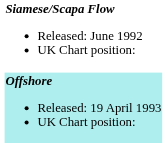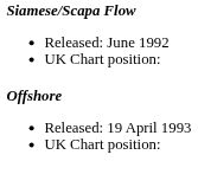 <table>
 <tr>
 <td align="left"><strong><em>Siamese/Scapa Flow</em></strong><br><ul><li>Released: June 1992</li><li>UK Chart position:</li></ul></td>
 </tr>
 <tr>
-<td align="left" style="background: paleturquoise;"><strong><em>Offshore</em></strong><br><ul><li>Released: 19 April 1993</li><li>UK Chart position:</li></ul></td>
+<td align="left"><strong><em>Offshore</em></strong><br><ul><li>Released: 19 April 1993</li><li>UK Chart position:</li></ul></td>
 </tr>
 </table>
